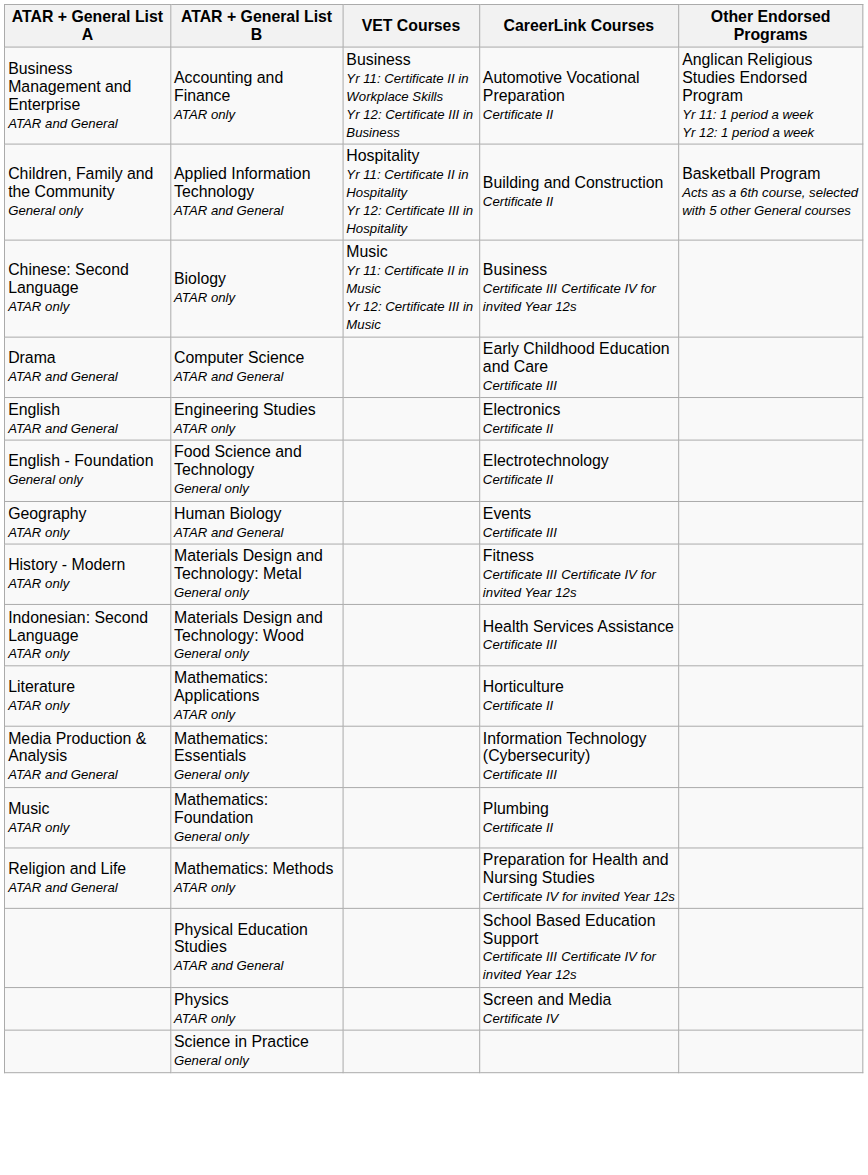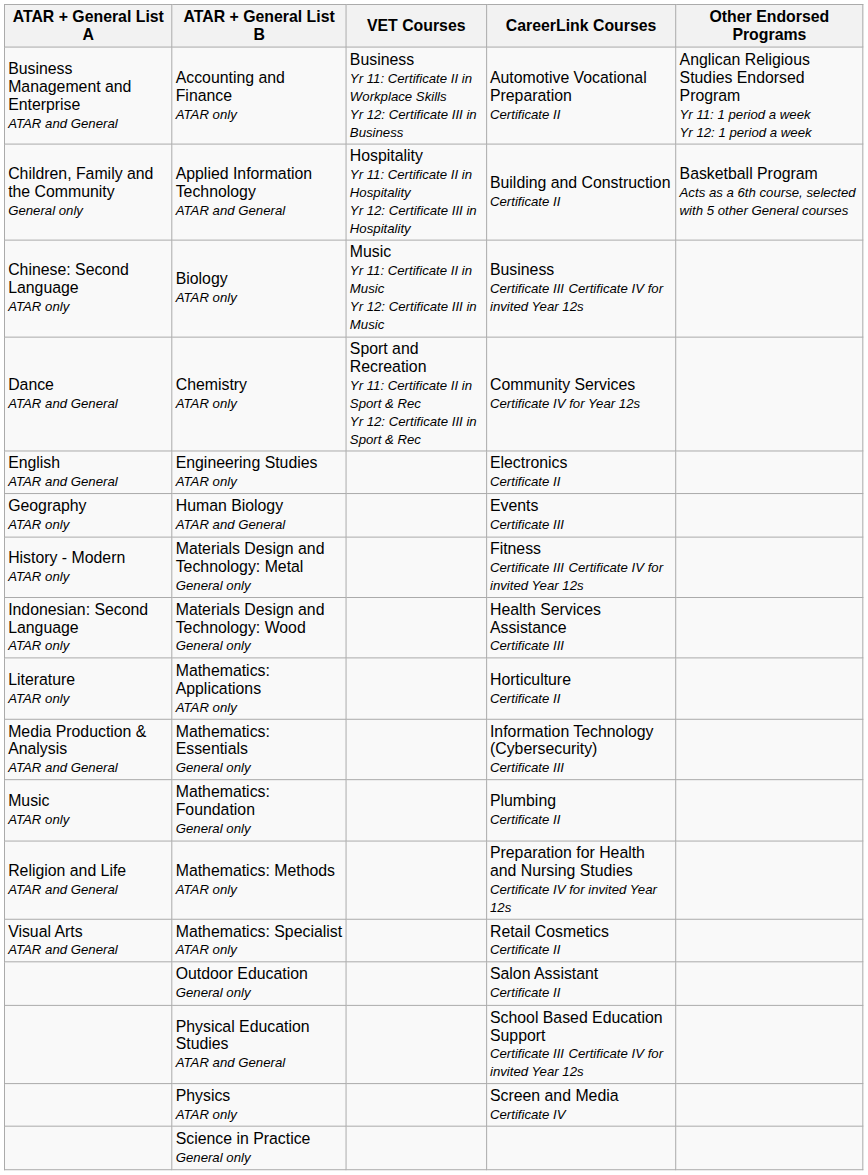 <table class="wikitable">
 <tr>
 <th>ATAR + General List A</th>
 <th>ATAR + General List B</th>
 <th>VET Courses</th>
 <th>CareerLink Courses</th>
 <th>Other Endorsed Programs</th>
 </tr>
 <tr>
 <td>Business Management and Enterprise<br><small><em>ATAR and General</em></small></td>
 <td>Accounting and Finance<br><small><em>ATAR only</em></small></td>
 <td>Business<br><small><em>Yr 11: Certificate II in Workplace Skills</em></small><br><small><em>Yr 12: Certificate III in Business</em></small></td>
 <td>Automotive Vocational Preparation<br><small><em>Certificate II</em></small></td>
 <td>Anglican Religious Studies Endorsed Program<br><small><em>Yr 11: 1 period a week</em></small><br><small><em>Yr 12: 1 period a week</em></small></td>
 </tr>
 <tr>
 <td>Children, Family and the Community<br><small><em>General only</em></small></td>
 <td>Applied Information Technology<br><small><em>ATAR and General</em></small></td>
 <td>Hospitality<br><small><em>Yr 11: Certificate II in Hospitality</em></small><br><small><em>Yr 12: Certificate III in Hospitality</em></small></td>
 <td>Building and Construction<br><small><em>Certificate II</em></small></td>
 <td>Basketball Program<br><small><em>Acts as a 6th course, selected with 5 other General courses</em></small></td>
 </tr>
 <tr>
 <td>Chinese: Second Language<br><small><em>ATAR only</em></small></td>
 <td>Biology<br><small><em>ATAR only</em></small></td>
 <td>Music<br><small><em>Yr 11: Certificate II in Music</em></small><br><small><em>Yr 12: Certificate III in Music</em></small></td>
 <td>Business<br><small><em>Certificate III</em></small> <small><em>Certificate IV for invited Year 12s</em></small></td>
 <td></td>
 </tr>
 <tr>
-<td>Drama<br><small><em>ATAR and General</em></small></td>
-<td>Computer Science<br><small><em>ATAR and General</em></small></td>
-<td></td>
-<td>Early Childhood Education and Care<br><small><em>Certificate III</em></small></td>
+<td>Dance<br><small><em>ATAR and General</em></small></td>
+<td>Chemistry<br><small><em>ATAR only</em></small></td>
+<td>Sport and Recreation<br><small><em>Yr 11: Certificate II in Sport & Rec</em></small><br><small><em>Yr 12: Certificate III in Sport & Rec</em></small></td>
+<td>Community Services<br><small><em>Certificate IV for Year 12s</em></small></td>
 <td></td>
 </tr>
 <tr>
 <td>English<br><small><em>ATAR and General</em></small></td>
 <td>Engineering Studies<br><small><em>ATAR only</em></small></td>
 <td></td>
 <td>Electronics<br><small><em>Certificate II</em></small></td>
-<td></td>
-</tr>
-<tr>
-<td>English - Foundation<br><small><em>General only</em></small></td>
-<td>Food Science and Technology<br><small><em>General only</em></small></td>
-<td></td>
-<td>Electrotechnology<br><small><em>Certificate II</em></small></td>
 <td></td>
 </tr>
 <tr>
 <td>Geography<br><em><small>ATAR only</small></em></td>
 <td>Human Biology<br><small><em>ATAR and General</em></small></td>
 <td></td>
 <td>Events<br><small><em>Certificate III</em></small></td>
 <td></td>
 </tr>
 <tr>
 <td>History - Modern<br><small><em>ATAR only</em></small></td>
 <td>Materials Design and Technology: Metal<br><small><em>General only</em></small></td>
 <td></td>
 <td>Fitness<br><small><em>Certificate III</em></small> <small><em>Certificate IV for invited Year 12s</em></small></td>
 <td></td>
 </tr>
 <tr>
 <td>Indonesian: Second Language<br><small><em>ATAR only</em></small></td>
 <td>Materials Design and Technology: Wood<br><small><em>General only</em></small></td>
 <td></td>
 <td>Health Services Assistance<br><small><em>Certificate III</em></small></td>
 <td></td>
 </tr>
 <tr>
 <td>Literature<br><small><em>ATAR only</em></small></td>
 <td>Mathematics: Applications<br><small><em>ATAR only</em></small></td>
 <td></td>
 <td>Horticulture<br><small><em>Certificate II</em></small></td>
 <td></td>
 </tr>
 <tr>
 <td>Media Production & Analysis<br><small><em>ATAR and General</em></small></td>
 <td>Mathematics: Essentials<br><small><em>General only</em></small></td>
 <td></td>
 <td>Information Technology (Cybersecurity)<br><small><em>Certificate III</em></small></td>
 <td></td>
 </tr>
 <tr>
 <td>Music<br><small><em>ATAR only</em></small></td>
 <td>Mathematics: Foundation<br><small><em>General only</em></small></td>
 <td></td>
 <td>Plumbing<br><small><em>Certificate II</em></small></td>
 <td></td>
 </tr>
 <tr>
 <td>Religion and Life<br><small><em>ATAR and General</em></small></td>
 <td>Mathematics: Methods<br><small><em>ATAR only</em></small></td>
 <td></td>
 <td>Preparation for Health and Nursing Studies<br><small><em>Certificate IV for invited Year 12s</em></small></td>
 <td></td>
 </tr>
 <tr>
+<td>Visual Arts<br><small><em>ATAR and General</em></small></td>
+<td>Mathematics: Specialist<br><small><em>ATAR only</em></small></td>
+<td></td>
+<td>Retail Cosmetics<br><small><em>Certificate II</em></small></td>
+<td></td>
+</tr>
+<tr>
+<td></td>
+<td>Outdoor Education<br><small><em>General only</em></small></td>
+<td></td>
+<td>Salon Assistant<br><small><em>Certificate II</em></small></td>
+<td></td>
+</tr>
+<tr>
 <td></td>
 <td>Physical Education Studies<br><small><em>ATAR and General</em></small></td>
 <td></td>
 <td>School Based Education Support<br><small><em>Certificate III</em></small> <small><em>Certificate IV for invited Year 12s</em></small></td>
 <td></td>
 </tr>
 <tr>
 <td></td>
 <td>Physics<br><small><em>ATAR only</em></small></td>
 <td></td>
 <td>Screen and Media<br><small><em>Certificate IV</em></small></td>
 <td></td>
 </tr>
 <tr>
 <td></td>
 <td>Science in Practice<br><small><em>General only</em></small></td>
 <td></td>
 <td></td>
 <td></td>
 </tr>
 </table>
